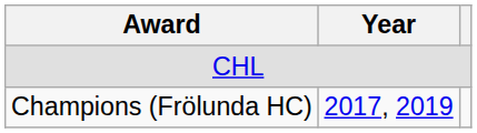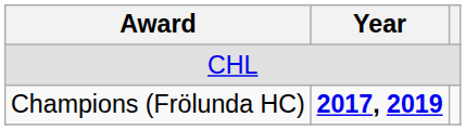 <table class="wikitable">
 <tr>
 <th>Award</th>
 <th>Year</th>
 <th></th>
 </tr>
 <tr ALIGN="center" bgcolor="#e0e0e0">
 <td colspan="3"><a href='#'>CHL</a></td>
 </tr>
 <tr>
 <td>Champions (Frölunda HC)</td>
-<td><a href='#'>2017</a>, <a href='#'>2019</a></td>
+<td><strong><a href='#'>2017</a>, <a href='#'>2019</a></strong></td>
 <td></td>
 </tr>
 </table>
